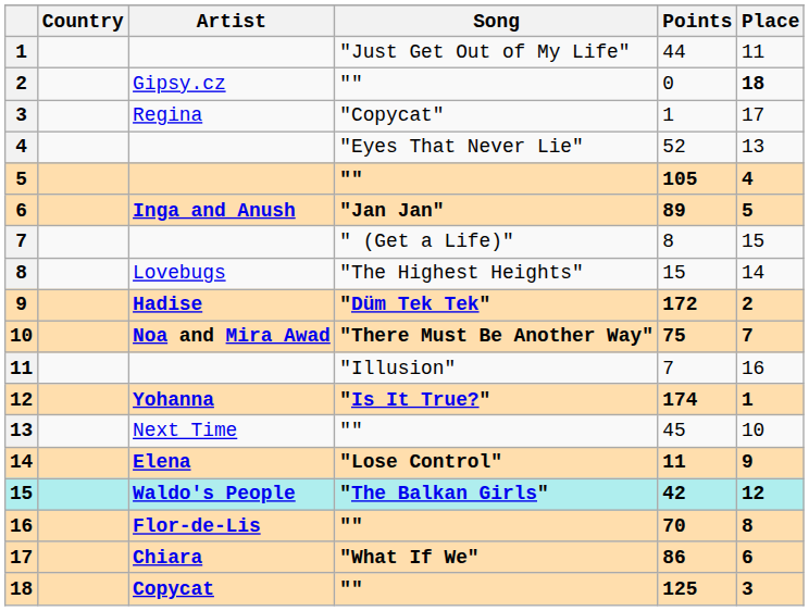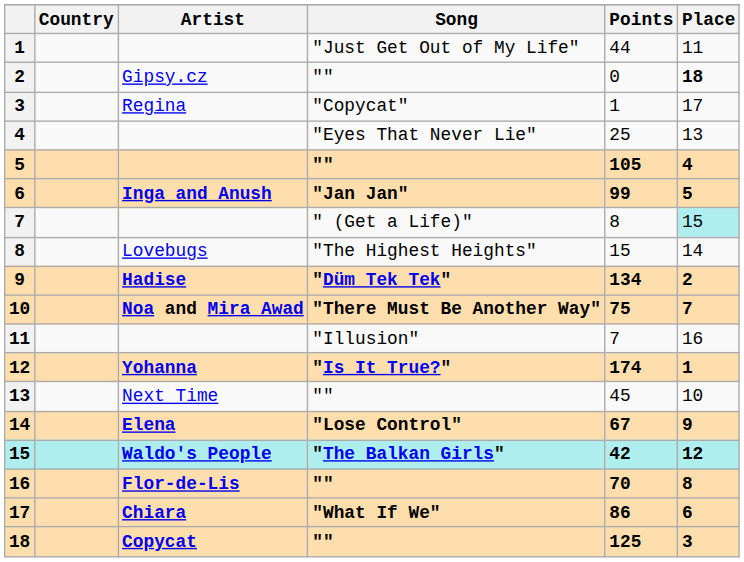 <table class="sortable wikitable plainrowheaders">
 <tr>
 </tr>
 <tr>
 <th scope="col"></th>
 <th scope="col">Country</th>
 <th scope="col">Artist</th>
 <th scope="col">Song</th>
 <th scope="col">Points</th>
 <th scope="col">Place</th>
 </tr>
 <tr>
 <th scope="row" style="text-align:center;">1</th>
 <td></td>
 <td></td>
 <td>"Just Get Out of My Life"</td>
 <td>44</td>
 <td>11</td>
 </tr>
 <tr>
 <th scope="row" style="text-align:center;">2</th>
 <td></td>
 <td><a href='#'>Gipsy.cz</a></td>
 <td>""</td>
 <td>0</td>
 <td><strong>18</strong></td>
 </tr>
 <tr>
 <th scope="row" style="text-align:center;">3</th>
 <td></td>
 <td><a href='#'>Regina</a></td>
 <td>"Copycat"</td>
 <td>1</td>
 <td>17</td>
 </tr>
 <tr>
 <th scope="row" style="text-align:center;">4</th>
 <td></td>
 <td></td>
 <td>"Eyes That Never Lie"</td>
-<td>52</td>
+<td>25</td>
 <td>13</td>
 </tr>
 <tr style="font-weight:bold; background:navajowhite;">
 <th scope="row" style="text-align:center; font-weight:bold; background:navajowhite;">5</th>
 <td></td>
 <td></td>
 <td>""</td>
 <td>105</td>
 <td>4</td>
 </tr>
 <tr style="font-weight:bold; background:navajowhite;">
 <th scope="row" style="text-align:center; font-weight:bold; background:navajowhite;">6</th>
 <td></td>
 <td><a href='#'>Inga and Anush</a></td>
 <td>"Jan Jan"</td>
-<td>89</td>
+<td>99</td>
 <td>5</td>
 </tr>
 <tr>
 <th scope="row" style="text-align:center;">7</th>
 <td></td>
 <td></td>
 <td>" (Get a Life)"</td>
 <td>8</td>
-<td>15</td>
+<td style="background: paleturquoise;">15</td>
 </tr>
 <tr>
 <th scope="row" style="text-align:center;">8</th>
 <td></td>
 <td><a href='#'>Lovebugs</a></td>
 <td>"The Highest Heights"</td>
 <td>15</td>
 <td>14</td>
 </tr>
 <tr style="font-weight:bold; background:navajowhite;">
 <th scope="row" style="text-align:center; font-weight:bold; background:navajowhite;">9</th>
 <td></td>
 <td><a href='#'>Hadise</a></td>
 <td>"<a href='#'>Düm Tek Tek</a>"</td>
-<td>172</td>
+<td>134</td>
 <td>2</td>
 </tr>
 <tr style="font-weight:bold; background:navajowhite;">
 <th scope="row" style="text-align:center; font-weight:bold; background:navajowhite;">10</th>
 <td></td>
 <td><a href='#'>Noa</a> and <a href='#'>Mira Awad</a></td>
 <td>"There Must Be Another Way"</td>
 <td>75</td>
 <td>7</td>
 </tr>
 <tr>
 <th scope="row" style="text-align:center;">11</th>
 <td></td>
 <td></td>
 <td>"Illusion"</td>
 <td>7</td>
 <td>16</td>
 </tr>
 <tr style="font-weight:bold; background:navajowhite;">
 <th scope="row" style="text-align:center; font-weight:bold; background:navajowhite;">12</th>
 <td></td>
 <td><a href='#'>Yohanna</a></td>
 <td>"<a href='#'>Is It True?</a>"</td>
 <td>174</td>
 <td>1</td>
 </tr>
 <tr>
 <th scope="row" style="text-align:center;">13</th>
 <td></td>
 <td><a href='#'>Next Time</a></td>
 <td>""</td>
 <td>45</td>
 <td>10</td>
 </tr>
 <tr style="font-weight:bold; background:navajowhite;">
 <th scope="row" style="text-align:center; font-weight:bold; background:navajowhite;">14</th>
 <td></td>
 <td><a href='#'>Elena</a></td>
 <td>"Lose Control"</td>
-<td>11</td>
+<td>67</td>
 <td>9</td>
 </tr>
 <tr style="font-weight:bold; background:paleturquoise;">
 <th scope="row" style="text-align:center; font-weight:bold; background:paleturquoise;">15</th>
 <td></td>
 <td><a href='#'>Waldo's People</a></td>
 <td>"<a href='#'>The Balkan Girls</a>"</td>
 <td>42</td>
 <td>12 </td>
 </tr>
 <tr style="font-weight:bold; background:navajowhite;">
 <th scope="row" style="text-align:center; font-weight:bold; background:navajowhite;">16</th>
 <td></td>
 <td><a href='#'>Flor-de-Lis</a></td>
 <td>""</td>
 <td>70</td>
 <td>8</td>
 </tr>
 <tr style="font-weight:bold; background:navajowhite;">
 <th scope="row" style="text-align:center; font-weight:bold; background:navajowhite;">17</th>
 <td></td>
 <td><a href='#'>Chiara</a></td>
 <td>"What If We"</td>
 <td>86</td>
 <td>6</td>
 </tr>
 <tr style="font-weight:bold; background:navajowhite;">
 <th scope="row" style="text-align:center; font-weight:bold; background:navajowhite;">18</th>
 <td></td>
 <td><a href='#'>Copycat</a></td>
 <td>""</td>
 <td>125</td>
 <td>3</td>
 </tr>
 </table>
